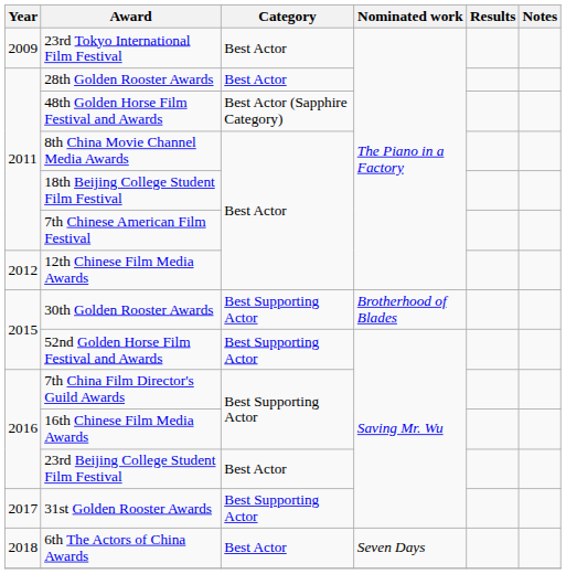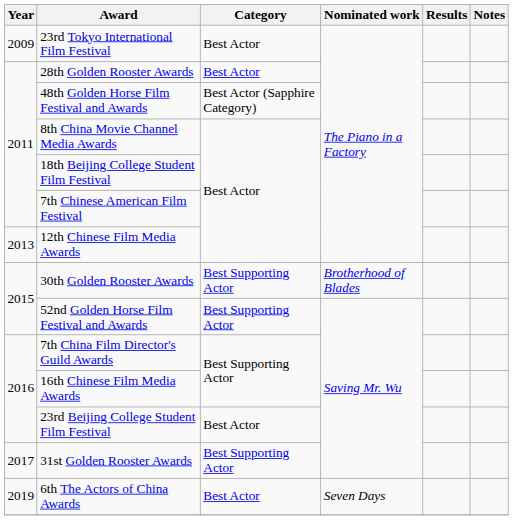 <table class="wikitable sortable">
 <tr>
 <th>Year</th>
 <th>Award</th>
 <th>Category</th>
 <th>Nominated work</th>
 <th>Results</th>
 <th>Notes</th>
 </tr>
 <tr>
 <td>2009</td>
 <td>23rd <a href='#'>Tokyo International Film Festival</a></td>
 <td>Best Actor</td>
 <td rowspan=7><em><a href='#'>The Piano in a Factory</a></em></td>
 <td></td>
 <td></td>
 </tr>
 <tr>
 <td rowspan=5>2011</td>
 <td>28th <a href='#'>Golden Rooster Awards</a></td>
 <td><a href='#'>Best Actor</a></td>
 <td></td>
 <td></td>
 </tr>
 <tr>
 <td>48th <a href='#'>Golden Horse Film Festival and Awards</a></td>
 <td>Best Actor (Sapphire Category)</td>
 <td></td>
 <td></td>
 </tr>
 <tr>
 <td>8th <a href='#'>China Movie Channel Media Awards</a></td>
 <td rowspan=4>Best Actor</td>
 <td></td>
 <td></td>
 </tr>
 <tr>
 <td>18th <a href='#'>Beijing College Student Film Festival</a></td>
 <td></td>
 <td></td>
 </tr>
 <tr>
 <td>7th <a href='#'>Chinese American Film Festival</a></td>
 <td></td>
 <td></td>
 </tr>
 <tr>
-<td>2012</td>
+<td>2013</td>
 <td>12th <a href='#'>Chinese Film Media Awards</a></td>
 <td></td>
 <td></td>
 </tr>
 <tr>
 <td rowspan=2>2015</td>
 <td>30th <a href='#'>Golden Rooster Awards</a></td>
 <td><a href='#'>Best Supporting Actor</a></td>
 <td><em><a href='#'>Brotherhood of Blades</a></em></td>
 <td></td>
 <td></td>
 </tr>
 <tr>
 <td>52nd <a href='#'>Golden Horse Film Festival and Awards</a></td>
 <td><a href='#'>Best Supporting Actor</a></td>
 <td rowspan=5><em><a href='#'>Saving Mr. Wu</a></em></td>
 <td></td>
 <td></td>
 </tr>
 <tr>
 <td rowspan=3>2016</td>
 <td>7th <a href='#'>China Film Director's Guild Awards</a></td>
 <td rowspan=2>Best Supporting Actor</td>
 <td></td>
 <td></td>
 </tr>
 <tr>
 <td>16th <a href='#'>Chinese Film Media Awards</a></td>
 <td></td>
 <td></td>
 </tr>
 <tr>
 <td>23rd <a href='#'>Beijing College Student Film Festival</a></td>
 <td>Best Actor</td>
 <td></td>
 <td></td>
 </tr>
 <tr>
 <td>2017</td>
 <td>31st <a href='#'>Golden Rooster Awards</a></td>
 <td><a href='#'>Best Supporting Actor</a></td>
 <td></td>
 <td></td>
 </tr>
 <tr>
-<td>2018</td>
+<td>2019</td>
 <td>6th <a href='#'>The Actors of China Awards</a></td>
 <td><a href='#'>Best Actor</a></td>
 <td><em>Seven Days</em></td>
 <td></td>
 <td></td>
 </tr>
 <tr>
 </tr>
 </table>
